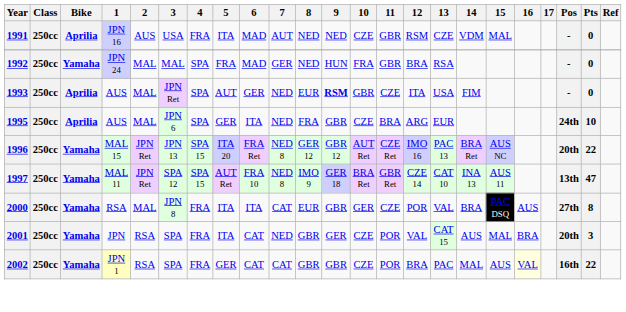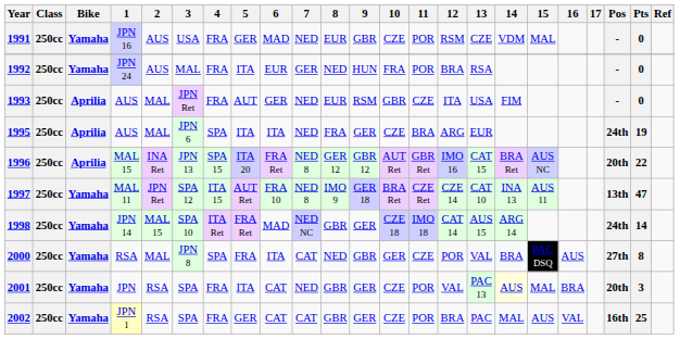 <table class="wikitable" style="text-align:center">
 <tr>
 <th>Year</th>
 <th>Class</th>
 <th>Bike</th>
 <th>1</th>
 <th>2</th>
 <th>3</th>
 <th>4</th>
 <th>5</th>
 <th>6</th>
 <th>7</th>
 <th>8</th>
 <th>9</th>
 <th>10</th>
 <th>11</th>
 <th>12</th>
 <th>13</th>
 <th>14</th>
 <th>15</th>
 <th>16</th>
 <th>17</th>
 <th>Pos</th>
 <th>Pts</th>
 <th>Ref</th>
 </tr>
 <tr>
 <th align="left"><a href='#'>1991</a></th>
 <th align="left">250cc</th>
-<th align="left"><a href='#'>Aprilia</a></th>
+<th align="left"><a href='#'>Yamaha</a></th>
 <td style="background:#CFCFFF;”"><a href='#'>JPN</a> <br><small>16</small></td>
 <td><a href='#'>AUS</a> <br><small></small></td>
 <td><a href='#'>USA</a> <br><small></small></td>
 <td><a href='#'>FRA</a> <br><small></small></td>
-<td><a href='#'>ITA</a> <br><small></small></td>
+<td><a href='#'>GER</a> <br><small></small></td>
 <td><a href='#'>MAD</a> <br><small></small></td>
-<td><a href='#'>AUT</a> <br><small></small></td>
 <td><a href='#'>NED</a> <br><small></small></td>
-<td><a href='#'>NED</a> <br><small></small></td>
+<td><a href='#'>EUR</a> <br><small></small></td>
+<td><a href='#'>GBR</a> <br><small></small></td>
 <td><a href='#'>CZE</a> <br><small></small></td>
-<td><a href='#'>GBR</a> <br><small></small></td>
+<td><a href='#'>POR</a> <br><small></small></td>
 <td><a href='#'>RSM</a> <br><small></small></td>
 <td><a href='#'>CZE</a> <br><small></small></td>
 <td><a href='#'>VDM</a> <br><small></small></td>
 <td><a href='#'>MAL</a> <br><small></small></td>
 <td></td>
 <td></td>
 <th>-</th>
 <th>0</th>
 <td></td>
 </tr>
 <tr>
 </tr>
 <tr>
 <th align="left"><a href='#'>1992</a></th>
 <th align="left">250cc</th>
 <th align="left"><a href='#'>Yamaha</a></th>
 <td style="background:#CFCFFF;"><a href='#'>JPN</a> <br><small>24</small></td>
+<td><a href='#'>AUS</a> <br><small></small></td>
 <td><a href='#'>MAL</a> <br><small></small></td>
-<td><a href='#'>MAL</a> <br><small></small></td>
-<td><a href='#'>SPA</a> <br><small></small></td>
 <td><a href='#'>FRA</a> <br><small></small></td>
-<td><a href='#'>MAD</a> <br><small></small></td>
+<td><a href='#'>ITA</a> <br><small></small></td>
+<td><a href='#'>EUR</a> <br><small></small></td>
 <td><a href='#'>GER</a> <br><small></small></td>
 <td><a href='#'>NED</a> <br><small></small></td>
 <td><a href='#'>HUN</a> <br><small></small></td>
 <td><a href='#'>FRA</a> <br><small></small></td>
-<td><a href='#'>GBR</a> <br><small></small></td>
+<td><a href='#'>POR</a> <br><small></small></td>
 <td><a href='#'>BRA</a> <br><small></small></td>
 <td><a href='#'>RSA</a> <br><small></small></td>
 <td></td>
 <td></td>
 <td></td>
 <td></td>
 <th>-</th>
 <th>0</th>
 <td></td>
 </tr>
 <tr>
 <th align="left"><a href='#'>1993</a></th>
 <th align="left">250cc</th>
 <th align="left"><a href='#'>Aprilia</a></th>
 <td><a href='#'>AUS</a> <br><small></small></td>
 <td><a href='#'>MAL</a> <br><small></small></td>
 <td style="background:#EFCFFF;"><a href='#'>JPN</a> <br><small>Ret</small></td>
-<td><a href='#'>SPA</a> <br><small></small></td>
+<td><a href='#'>FRA</a> <br><small></small></td>
 <td><a href='#'>AUT</a> <br><small></small></td>
 <td><a href='#'>GER</a> <br><small></small></td>
 <td><a href='#'>NED</a> <br><small></small></td>
 <td><a href='#'>EUR</a> <br><small></small></td>
-<td><strong><a href='#'>RSM</a> <br><small></small></strong></td>
+<td><a href='#'>RSM</a> <br><small></small></td>
 <td><a href='#'>GBR</a> <br><small></small></td>
 <td><a href='#'>CZE</a> <br><small></small></td>
 <td><a href='#'>ITA</a> <br><small></small></td>
 <td><a href='#'>USA</a> <br><small></small></td>
 <td><a href='#'>FIM</a> <br><small></small></td>
 <td></td>
 <td></td>
 <td></td>
 <th>-</th>
 <th>0</th>
 <td></td>
 </tr>
 <tr>
 <th align="left"><a href='#'>1995</a></th>
 <th align="left">250cc</th>
 <th align="left"><a href='#'>Aprilia</a></th>
 <td><a href='#'>AUS</a> <br><small></small></td>
 <td><a href='#'>MAL</a> <br><small></small></td>
 <td style="background:#DFFFDF;"><a href='#'>JPN</a> <br><small>6</small></td>
 <td><a href='#'>SPA</a> <br><small></small></td>
-<td><a href='#'>GER</a> <br><small></small></td>
+<td><a href='#'>ITA</a> <br><small></small></td>
 <td><a href='#'>ITA</a> <br><small></small></td>
 <td><a href='#'>NED</a> <br><small></small></td>
 <td><a href='#'>FRA</a> <br><small></small></td>
-<td><a href='#'>GBR</a> <br><small></small></td>
+<td><a href='#'>GER</a> <br><small></small></td>
 <td><a href='#'>CZE</a> <br><small></small></td>
 <td><a href='#'>BRA</a> <br><small></small></td>
 <td><a href='#'>ARG</a> <br><small></small></td>
 <td><a href='#'>EUR</a> <br><small></small></td>
 <td></td>
 <td></td>
 <td></td>
 <td></td>
 <th>24th</th>
-<th>10</th>
+<th>19</th>
 <td></td>
 </tr>
 <tr>
 <th align="left"><a href='#'>1996</a></th>
 <th align="left">250cc</th>
-<th align="left"><a href='#'>Yamaha</a></th>
+<th align="left"><a href='#'>Aprilia</a></th>
 <td style="background:#DFFFDF;"><a href='#'>MAL</a> <br><small>15</small></td>
-<td style="background:#EFCFFF;"><a href='#'>JPN</a> <br><small>Ret</small></td>
+<td style="background:#EFCFFF;"><a href='#'>INA</a> <br><small>Ret</small></td>
 <td style="background:#DFFFDF;"><a href='#'>JPN</a> <br><small>13</small></td>
 <td style="background:#DFFFDF;"><a href='#'>SPA</a> <br><small>15</small></td>
 <td style="background:#CFCFFF;”"><a href='#'>ITA</a> <br><small>20</small></td>
 <td style="background:#EFCFFF;"><a href='#'>FRA</a> <br><small>Ret</small></td>
 <td style="background:#DFFFDF;”"><a href='#'>NED</a> <br><small>8</small></td>
 <td style="background:#DFFFDF;"><a href='#'>GER</a> <br><small>12</small></td>
 <td style="background:#DFFFDF;”"><a href='#'>GBR</a> <br><small>12</small></td>
 <td style="background:#EFCFFF;"><a href='#'>AUT</a> <br><small>Ret</small></td>
-<td style="background:#EFCFFF;"><a href='#'>CZE</a> <br><small>Ret</small></td>
+<td style="background:#EFCFFF;"><a href='#'>GBR</a> <br><small>Ret</small></td>
 <td style="background:#CFCFFF;"><a href='#'>IMO</a> <br><small>16</small></td>
-<td style="background:#DFFFDF;"><a href='#'>PAC</a> <br><small>13</small></td>
+<td style="background:#DFFFDF;"><a href='#'>CAT</a> <br><small>15</small></td>
 <td style="background:#EFCFFF;"><a href='#'>BRA</a> <br><small>Ret</small></td>
 <td style="background:#CFCFFF;"><a href='#'>AUS</a> <br><small>NC</small></td>
 <td></td>
 <td></td>
 <th>20th</th>
 <th>22</th>
 <td></td>
 </tr>
 <tr>
 <th align="left"><a href='#'>1997</a></th>
 <th align="left">250cc</th>
 <th align="left"><a href='#'>Yamaha</a></th>
 <td style="background:#DFFFDF;"><a href='#'>MAL</a> <br><small>11</small></td>
 <td style="background:#EFCFFF;"><a href='#'>JPN</a> <br><small>Ret</small></td>
 <td style="background:#DFFFDF;"><a href='#'>SPA</a> <br><small>12</small></td>
-<td style="background:#DFFFDF;"><a href='#'>SPA</a> <br><small>15</small></td>
+<td style="background:#DFFFDF;"><a href='#'>ITA</a> <br><small>15</small></td>
 <td style="background:#EFCFFF;"><a href='#'>AUT</a> <br><small>Ret</small></td>
 <td style="background:#DFFFDF;"><a href='#'>FRA</a> <br><small>10</small></td>
 <td style="background:#DFFFDF;”"><a href='#'>NED</a> <br><small>8</small></td>
 <td style="background:#DFFFDF;”"><a href='#'>IMO</a> <br><small>9</small></td>
 <td style="background:#CFCFFF;"><a href='#'>GER</a> <br><small>18</small></td>
 <td style="background:#EFCFFF;"><a href='#'>BRA</a> <br><small>Ret</small></td>
-<td style="background:#EFCFFF;"><a href='#'>GBR</a> <br><small>Ret</small></td>
+<td style="background:#EFCFFF;"><a href='#'>CZE</a> <br><small>Ret</small></td>
 <td style="background:#DFFFDF;"><a href='#'>CZE</a> <br><small>14</small></td>
 <td style="background:#DFFFDF;"><a href='#'>CAT</a> <br><small>10</small></td>
 <td style="background:#DFFFDF;"><a href='#'>INA</a> <br><small>13</small></td>
 <td style="background:#DFFFDF;"><a href='#'>AUS</a> <br><small>11</small></td>
 <td></td>
 <td></td>
 <th>13th</th>
 <th>47</th>
 <td></td>
 </tr>
 <tr>
+<th align="left"><a href='#'>1998</a></th>
+<th align="left">250cc</th>
+<th align="left"><a href='#'>Yamaha</a></th>
+<td style="background:#DFFFDF;"><a href='#'>JPN</a> <br><small>14</small></td>
+<td style="background:#DFFFDF;"><a href='#'>MAL</a> <br><small>15</small></td>
+<td style="background:#DFFFDF;"><a href='#'>SPA</a> <br><small>10</small></td>
+<td style="background:#EFCFFF;"><a href='#'>ITA</a> <br><small>Ret</small></td>
+<td style="background:#EFCFFF;"><a href='#'>FRA</a> <br><small>Ret</small></td>
+<td><a href='#'>MAD</a> <br><small></small></td>
+<td style="background:#CFCFFF;"><a href='#'>NED</a> <br><small>NC</small></td>
+<td><a href='#'>GBR</a> <br><small></small></td>
+<td><a href='#'>GER</a> <br><small></small></td>
+<td style="background:#CFCFFF;"><a href='#'>CZE</a> <br><small>18</small></td>
+<td style="background:#CFCFFF;"><a href='#'>IMO</a> <br><small>18</small></td>
+<td style="background:#DFFFDF;"><a href='#'>CAT</a> <br><small>14</small></td>
+<td style="background:#DFFFDF;"><a href='#'>AUS</a> <br><small>15</small></td>
+<td style="background:#DFFFDF;"><a href='#'>ARG</a> <br><small>14</small></td>
+<td></td>
+<td></td>
+<td></td>
+<th>24th</th>
+<th>14</th>
+<td></td>
+</tr>
+<tr>
 <th align="left"><a href='#'>2000</a></th>
 <th align="left">250cc</th>
 <th align="left"><a href='#'>Yamaha</a></th>
 <td><a href='#'>RSA</a> <br><small></small></td>
 <td><a href='#'>MAL</a> <br><small></small></td>
 <td style="background:#DFFFDF;”"><a href='#'>JPN</a> <br><small>8</small></td>
+<td><a href='#'>SPA</a> <br><small></small></td>
 <td><a href='#'>FRA</a> <br><small></small></td>
 <td><a href='#'>ITA</a> <br><small></small></td>
-<td><a href='#'>ITA</a> <br><small></small></td>
 <td><a href='#'>CAT</a> <br><small></small></td>
-<td><a href='#'>EUR</a> <br><small></small></td>
+<td><a href='#'>NED</a> <br><small></small></td>
 <td><a href='#'>GBR</a> <br><small></small></td>
 <td><a href='#'>GER</a> <br><small></small></td>
 <td><a href='#'>CZE</a> <br><small></small></td>
 <td><a href='#'>POR</a> <br><small></small></td>
 <td><a href='#'>VAL</a> <br><small></small></td>
 <td><a href='#'>BRA</a> <br><small></small></td>
 <td style="background:#000000; color:#ffffff"><a href='#'><span>PAC</span></a> <br><small>DSQ</small></td>
 <td><a href='#'>AUS</a> <br><small></small></td>
 <td></td>
 <th>27th</th>
 <th>8</th>
 <td></td>
 </tr>
 <tr>
 <th align="left"><a href='#'>2001</a></th>
 <th align="left">250cc</th>
 <th align="left"><a href='#'>Yamaha</a></th>
 <td><a href='#'>JPN</a> <br><small></small></td>
 <td><a href='#'>RSA</a> <br><small></small></td>
 <td><a href='#'>SPA</a> <br><small></small></td>
 <td><a href='#'>FRA</a> <br><small></small></td>
 <td><a href='#'>ITA</a> <br><small></small></td>
 <td><a href='#'>CAT</a> <br><small></small></td>
 <td><a href='#'>NED</a> <br><small></small></td>
 <td><a href='#'>GBR</a> <br><small></small></td>
 <td><a href='#'>GER</a> <br><small></small></td>
 <td><a href='#'>CZE</a> <br><small></small></td>
 <td><a href='#'>POR</a> <br><small></small></td>
 <td><a href='#'>VAL</a> <br><small></small></td>
-<td style="background:#DFFFDF;"><a href='#'>CAT</a> <br><small>15</small></td>
-<td><a href='#'>AUS</a> <br><small></small></td>
+<td style="background:#DFFFDF;"><a href='#'>PAC</a> <br><small>13</small></td>
+<td style="background: lightyellow;"><a href='#'>AUS</a> <br><small></small></td>
 <td><a href='#'>MAL</a> <br><small></small></td>
 <td><a href='#'>BRA</a> <br><small></small></td>
 <td></td>
 <th>20th</th>
 <th>3</th>
 <td></td>
 </tr>
 <tr>
 <th align="left"><a href='#'>2002</a></th>
 <th align="left">250cc</th>
 <th align="left"><a href='#'>Yamaha</a></th>
 <td style="background:#FFFFBF;"><a href='#'>JPN</a> <br><small>1</small></td>
 <td><a href='#'>RSA</a> <br><small></small></td>
 <td><a href='#'>SPA</a> <br><small></small></td>
 <td><a href='#'>FRA</a> <br><small></small></td>
 <td><a href='#'>GER</a> <br><small></small></td>
 <td><a href='#'>CAT</a> <br><small></small></td>
 <td><a href='#'>CAT</a> <br><small></small></td>
 <td><a href='#'>GBR</a> <br><small></small></td>
-<td><a href='#'>GBR</a> <br><small></small></td>
+<td><a href='#'>GER</a> <br><small></small></td>
 <td><a href='#'>CZE</a> <br><small></small></td>
 <td><a href='#'>POR</a> <br><small></small></td>
 <td><a href='#'>BRA</a> <br><small></small></td>
 <td><a href='#'>PAC</a> <br><small></small></td>
 <td><a href='#'>MAL</a> <br><small></small></td>
 <td><a href='#'>AUS</a> <br><small></small></td>
-<td style="background: lightyellow;"><a href='#'>VAL</a> <br><small></small></td>
+<td><a href='#'>VAL</a> <br><small></small></td>
 <td></td>
 <th>16th</th>
-<th>22</th>
+<th>25</th>
 <td></td>
 </tr>
 </table>
